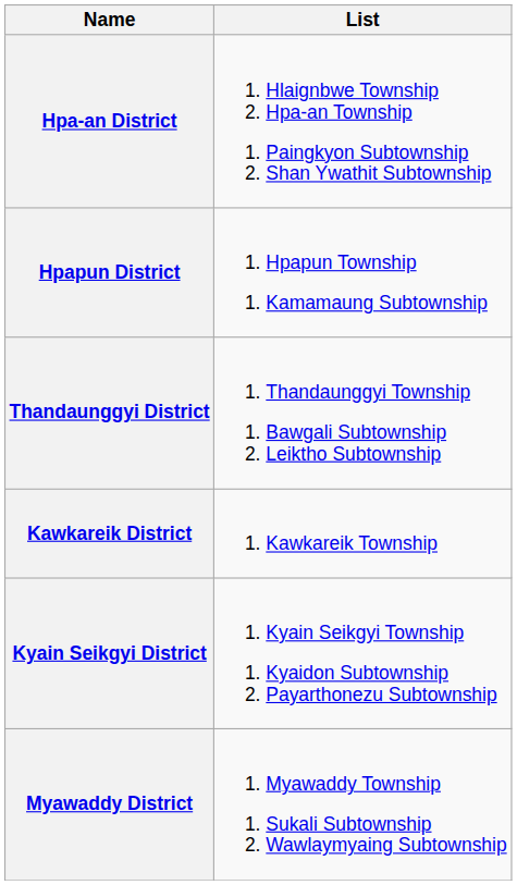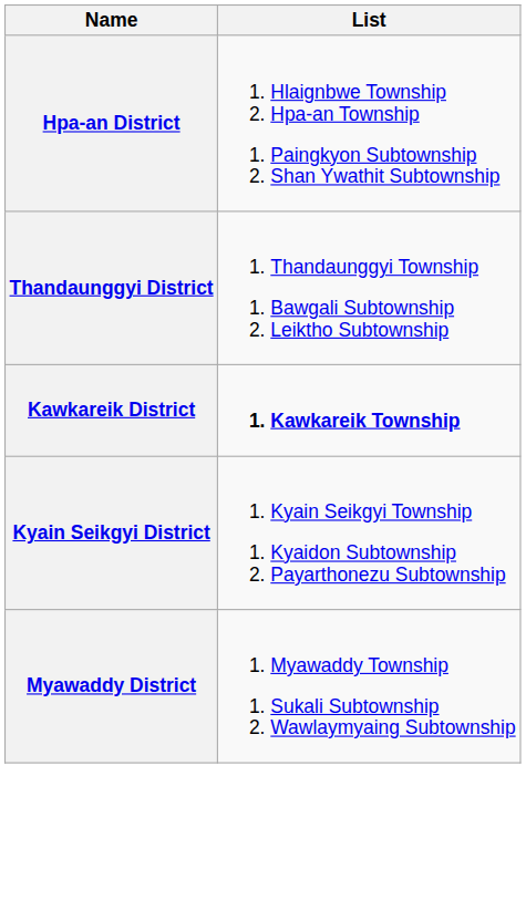 <table class=wikitable>
 <tr>
 <th>Name</th>
 <th>List</th>
 </tr>
 <tr>
 <th><a href='#'>Hpa-an District</a></th>
 <td><br> <ol><li><a href='#'>Hlaignbwe Township</a></li><li><a href='#'>Hpa-an Township</a></li></ol><ol><li><a href='#'>Paingkyon Subtownship</a></li><li><a href='#'>Shan Ywathit Subtownship</a></li></ol></td>
 </tr>
 <tr>
-<th><a href='#'>Hpapun District</a></th>
-<td><br> <ol><li><a href='#'>Hpapun Township</a></li></ol><ol><li><a href='#'>Kamamaung Subtownship</a></li></ol></td>
-</tr>
-<tr>
 <th><a href='#'>Thandaunggyi District</a></th>
 <td><br> <ol><li><a href='#'>Thandaunggyi Township</a></li></ol><ol><li><a href='#'>Bawgali Subtownship</a></li><li><a href='#'>Leiktho Subtownship</a></li></ol></td>
 </tr>
 <tr>
 <th><a href='#'>Kawkareik District</a></th>
-<td><br><ol><li><a href='#'>Kawkareik Township</a></li></ol></td>
+<td><strong><br><ol><li><a href='#'>Kawkareik Township</a></li></ol></strong></td>
 </tr>
 <tr>
 <th><a href='#'>Kyain Seikgyi District</a></th>
 <td><br> <ol><li><a href='#'>Kyain Seikgyi Township</a></li></ol><ol><li><a href='#'>Kyaidon Subtownship</a></li><li><a href='#'>Payarthonezu Subtownship</a></li></ol></td>
 </tr>
 <tr>
 <th><a href='#'>Myawaddy District</a></th>
 <td><br> <ol><li><a href='#'>Myawaddy Township</a></li></ol><ol><li><a href='#'>Sukali Subtownship</a></li><li><a href='#'>Wawlaymyaing Subtownship</a></li></ol></td>
 </tr>
 </table>
